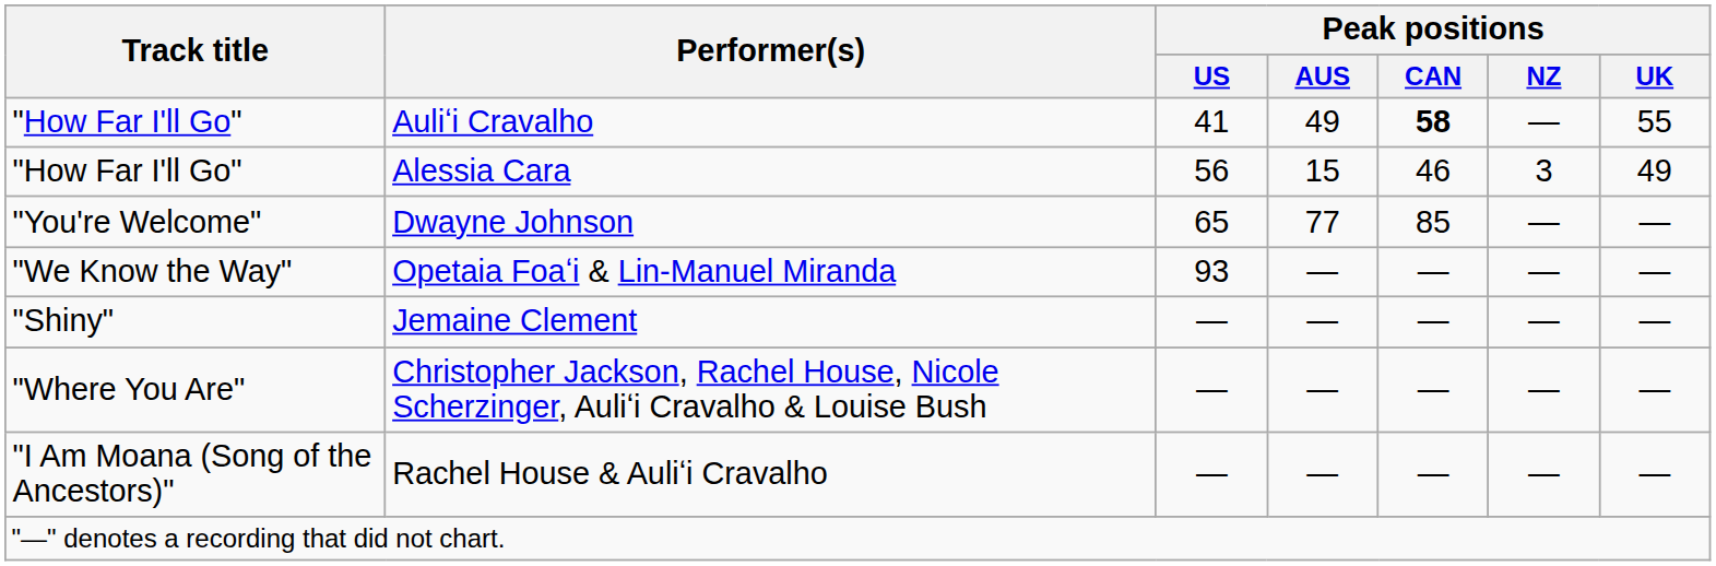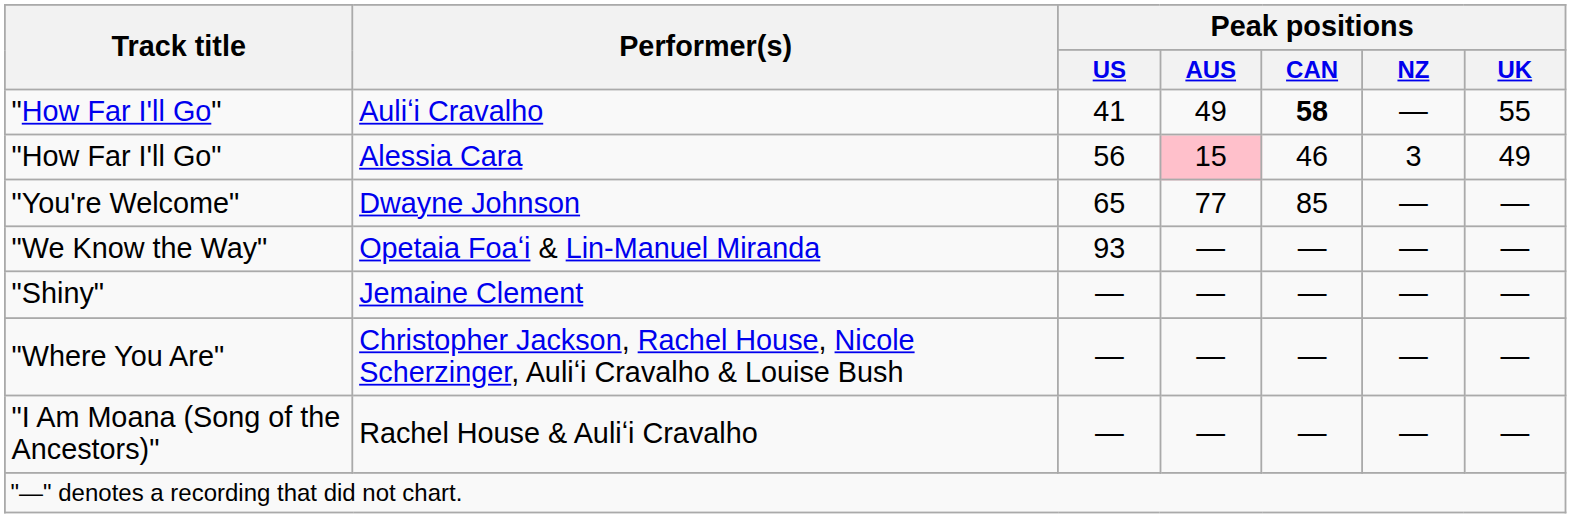 <table class="wikitable">
 <tr>
 <th rowspan="2">Track title</th>
 <th rowspan="2">Performer(s)</th>
 <th colspan="5">Peak positions</th>
 </tr>
 <tr style="font-size:smaller;">
 <th style="width:50px;"><a href='#'>US</a><br></th>
 <th style="width:50px;"><a href='#'>AUS</a><br></th>
 <th style="width:50px;"><a href='#'>CAN</a><br></th>
 <th style="width:50px;"><a href='#'>NZ</a><br></th>
 <th style="width:50px;"><a href='#'>UK</a><br></th>
 </tr>
 <tr>
 <td>"<a href='#'>How Far I'll Go</a>"</td>
 <td><a href='#'>Auliʻi Cravalho</a></td>
 <td style="text-align:center;">41</td>
 <td style="text-align:center;">49</td>
 <td style="text-align:center;"><strong>58</strong></td>
 <td style="text-align:center;">—</td>
 <td style="text-align:center;">55</td>
 </tr>
 <tr>
 <td>"How Far I'll Go"</td>
 <td><a href='#'>Alessia Cara</a></td>
 <td style="text-align:center;">56</td>
-<td style="text-align:center;">15</td>
+<td style="background: pink; text-align:center;">15</td>
 <td style="text-align:center;">46</td>
 <td style="text-align:center;">3</td>
 <td style="text-align:center;">49</td>
 </tr>
 <tr>
 <td>"You're Welcome"</td>
 <td><a href='#'>Dwayne Johnson</a></td>
 <td style="text-align:center;">65</td>
 <td style="text-align:center;">77</td>
 <td style="text-align:center;">85</td>
 <td style="text-align:center;">—</td>
 <td style="text-align:center;">—</td>
 </tr>
 <tr>
 <td>"We Know the Way"</td>
 <td><a href='#'>Opetaia Foaʻi</a> & <a href='#'>Lin-Manuel Miranda</a></td>
 <td style="text-align:center;">93</td>
 <td style="text-align:center;">—</td>
 <td style="text-align:center;">—</td>
 <td style="text-align:center;">—</td>
 <td style="text-align:center;">—</td>
 </tr>
 <tr>
 <td>"Shiny"</td>
 <td><a href='#'>Jemaine Clement</a></td>
 <td style="text-align:center;">—</td>
 <td style="text-align:center;">—</td>
 <td style="text-align:center;">—</td>
 <td style="text-align:center;">—</td>
 <td style="text-align:center;">—</td>
 </tr>
 <tr>
 <td>"Where You Are"</td>
 <td><a href='#'>Christopher Jackson</a>, <a href='#'>Rachel House</a>, <a href='#'>Nicole Scherzinger</a>, Auliʻi Cravalho & Louise Bush</td>
 <td style="text-align:center;">—</td>
 <td style="text-align:center;">—</td>
 <td style="text-align:center;">—</td>
 <td style="text-align:center;">—</td>
 <td style="text-align:center;">—</td>
 </tr>
 <tr>
 <td>"I Am Moana (Song of the Ancestors)"</td>
 <td>Rachel House & Auliʻi Cravalho</td>
 <td style="text-align:center;">—</td>
 <td style="text-align:center;">—</td>
 <td style="text-align:center;">—</td>
 <td style="text-align:center;">—</td>
 <td style="text-align:center;">—</td>
 </tr>
 <tr>
 <td colspan="8" style="font-size:smaller;" style="text-align:center;">"—" denotes a recording that did not chart.</td>
 </tr>
 </table>
